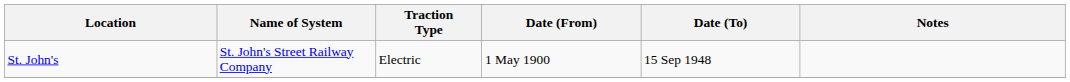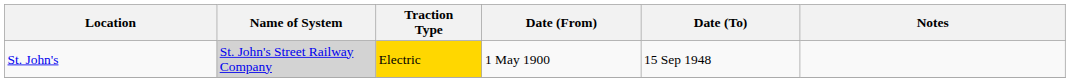 <table class="wikitable" width=100%>
 <tr>
 <th width="20%">Location</th>
 <th width="15%">Name of System</th>
 <th width=10%>Traction<br>Type</th>
 <th width=15%>Date (From)</th>
 <th width=15%>Date (To)</th>
 <th width=25%>Notes</th>
 </tr>
 <tr>
 <td><a href='#'>St. John's</a></td>
-<td><a href='#'>St. John's Street Railway Company</a></td>
-<td>Electric</td>
+<td style="background: lightgrey;"><a href='#'>St. John's Street Railway Company</a></td>
+<td style="background: gold;">Electric</td>
 <td>1 May 1900</td>
 <td>15 Sep 1948</td>
 <td> </td>
 </tr>
 <tr>
 </tr>
 </table>
